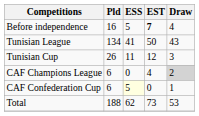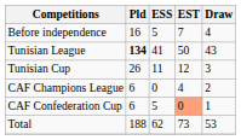 <table class="wikitable">
 <tr>
 <th>Competitions</th>
 <th>Pld</th>
 <th>ESS</th>
 <th>EST</th>
 <th>Draw</th>
 </tr>
 <tr>
 <td>Before independence</td>
 <td>16</td>
 <td>5</td>
-<td><strong>7</strong></td>
+<td>7</td>
 <td>4</td>
 </tr>
 <tr>
 <td>Tunisian League</td>
-<td>134</td>
+<td><strong>134</strong></td>
 <td>41</td>
 <td>50</td>
 <td>43</td>
 </tr>
 <tr>
 <td>Tunisian Cup</td>
 <td>26</td>
 <td>11</td>
 <td>12</td>
 <td>3</td>
 </tr>
 <tr>
 <td>CAF Champions League</td>
 <td>6</td>
 <td>0</td>
 <td>4</td>
-<td style="background: lightgrey;">2</td>
+<td>2</td>
 </tr>
 <tr>
 <td>CAF Confederation Cup</td>
 <td>6</td>
-<td style="background: lightyellow;">5</td>
-<td>0</td>
+<td>5</td>
+<td style="background: lightsalmon;">0</td>
 <td>1</td>
 </tr>
 <tr>
 <td>Total</td>
 <td>188</td>
 <td>62</td>
 <td>73</td>
 <td>53</td>
 </tr>
 <tr>
 </tr>
 </table>
